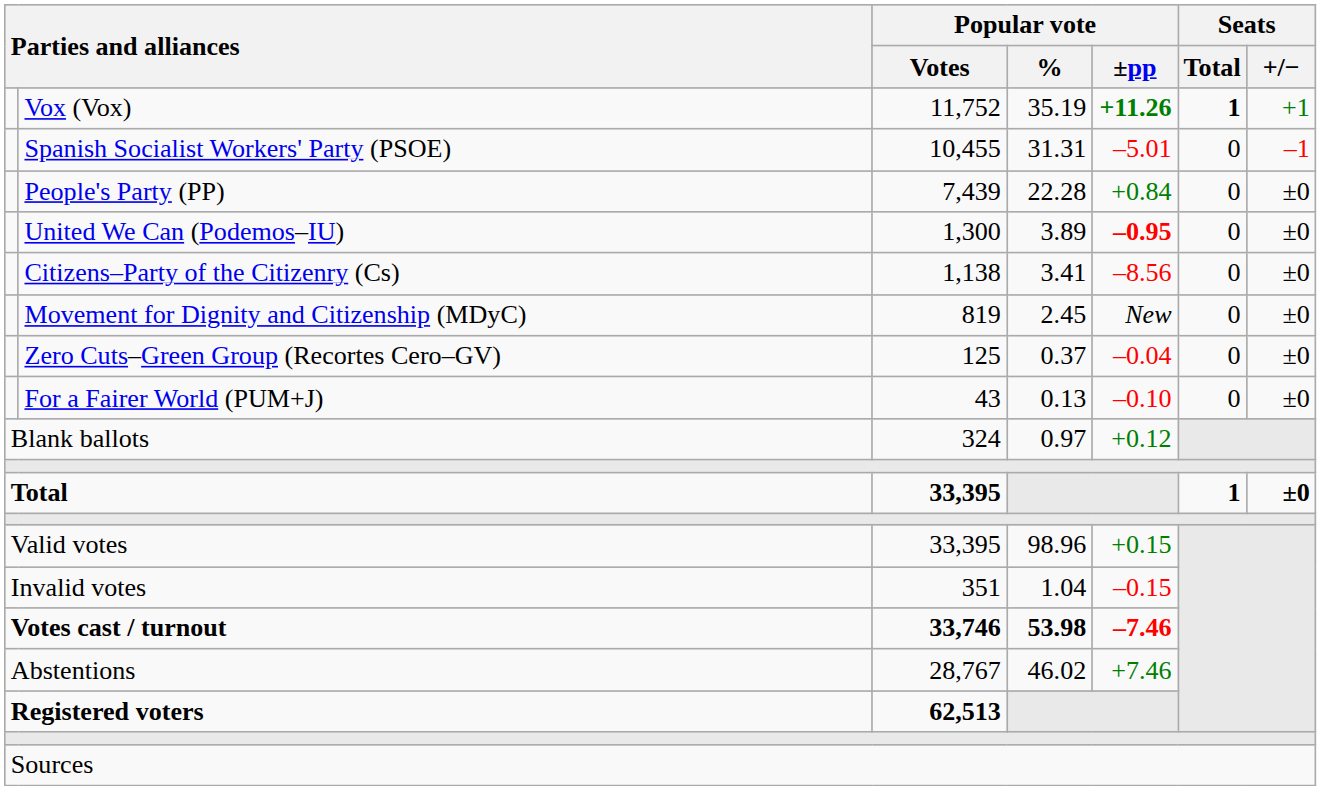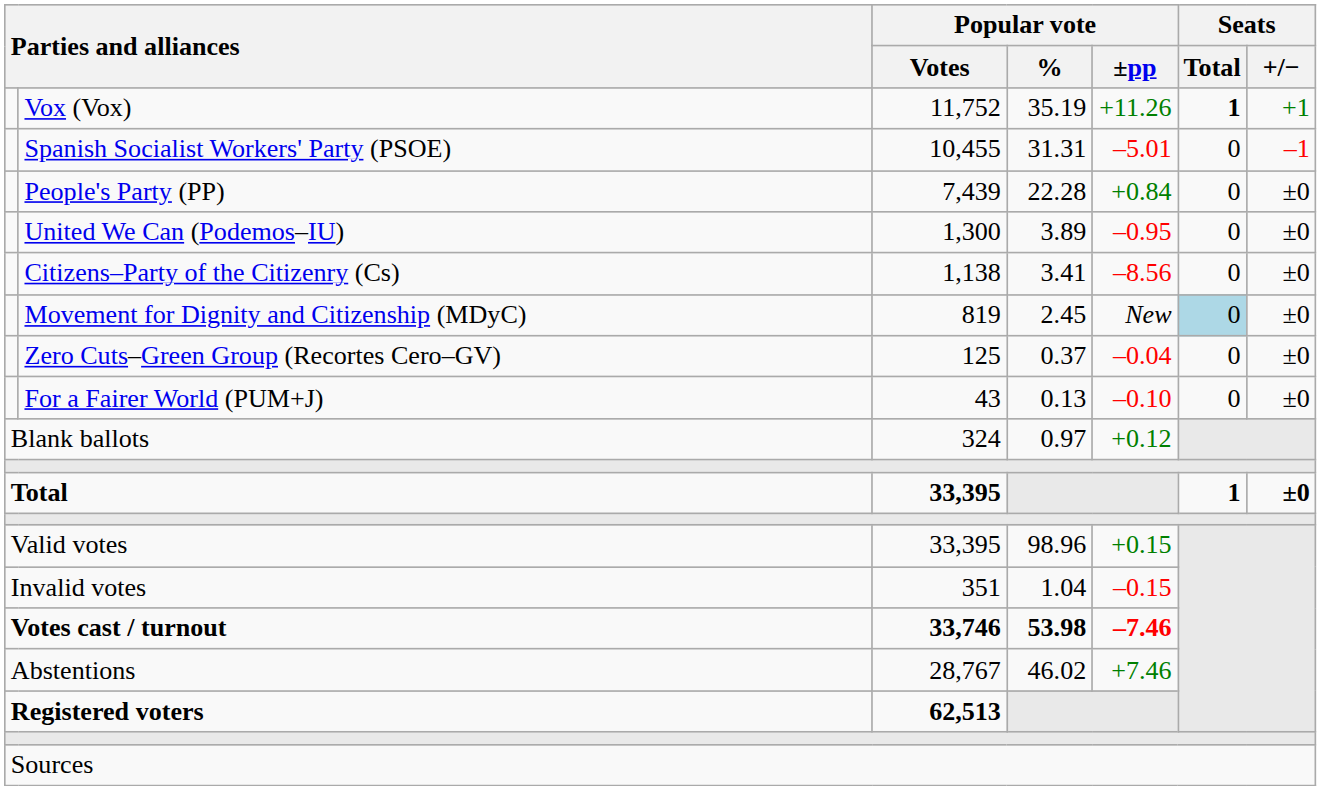 <table class="wikitable" style="text-align:right;">
 <tr>
 <th style="text-align:left;" rowspan="2" colspan="2" width="525">Parties and alliances</th>
 <th colspan="3">Popular vote</th>
 <th colspan="2">Seats</th>
 </tr>
 <tr>
 <th width="75">Votes</th>
 <th width="45">%</th>
 <th width="45">±<a href='#'>pp</a></th>
 <th width="35">Total</th>
 <th width="35">+/−</th>
 </tr>
 <tr>
 <td width="1" style="color:inherit;background:"></td>
 <td align="left"><a href='#'>Vox</a> (Vox)</td>
 <td>11,752</td>
 <td>35.19</td>
-<td style="color:green;"><strong>+11.26</strong></td>
+<td style="color:green;">+11.26</td>
 <td><strong>1</strong></td>
 <td style="color:green;">+1</td>
 </tr>
 <tr>
 <td style="color:inherit;background:"></td>
 <td align="left"><a href='#'>Spanish Socialist Workers' Party</a> (PSOE)</td>
 <td>10,455</td>
 <td>31.31</td>
 <td style="color:red;">–5.01</td>
 <td>0</td>
 <td style="color:red;">–1</td>
 </tr>
 <tr>
 <td style="color:inherit;background:"></td>
 <td align="left"><a href='#'>People's Party</a> (PP)</td>
 <td>7,439</td>
 <td>22.28</td>
 <td style="color:green;">+0.84</td>
 <td>0</td>
 <td>±0</td>
 </tr>
 <tr>
 <td style="color:inherit;background:"></td>
 <td align="left"><a href='#'>United We Can</a> (<a href='#'>Podemos</a>–<a href='#'>IU</a>)</td>
 <td>1,300</td>
 <td>3.89</td>
-<td style="color:red;"><strong>–0.95</strong></td>
+<td style="color:red;">–0.95</td>
 <td>0</td>
 <td>±0</td>
 </tr>
 <tr>
 <td style="color:inherit;background:"></td>
 <td align="left"><a href='#'>Citizens–Party of the Citizenry</a> (Cs)</td>
 <td>1,138</td>
 <td>3.41</td>
 <td style="color:red;">–8.56</td>
 <td>0</td>
 <td>±0</td>
 </tr>
 <tr>
 <td style="color:inherit;background:"></td>
 <td align="left"><a href='#'>Movement for Dignity and Citizenship</a> (MDyC)</td>
 <td>819</td>
 <td>2.45</td>
 <td><em>New</em></td>
-<td>0</td>
+<td style="background: lightblue;">0</td>
 <td>±0</td>
 </tr>
 <tr>
 <td style="color:inherit;background:"></td>
 <td align="left"><a href='#'>Zero Cuts</a>–<a href='#'>Green Group</a> (Recortes Cero–GV)</td>
 <td>125</td>
 <td>0.37</td>
 <td style="color:red;">–0.04</td>
 <td>0</td>
 <td>±0</td>
 </tr>
 <tr>
 <td style="color:inherit;background:"></td>
 <td align="left"><a href='#'>For a Fairer World</a> (PUM+J)</td>
 <td>43</td>
 <td>0.13</td>
 <td style="color:red;">–0.10</td>
 <td>0</td>
 <td>±0</td>
 </tr>
 <tr>
 <td align="left" colspan="2">Blank ballots</td>
 <td>324</td>
 <td>0.97</td>
 <td style="color:green;">+0.12</td>
 <td bgcolor="#E9E9E9" colspan="2"></td>
 </tr>
 <tr>
 <td colspan="7" bgcolor="#E9E9E9"></td>
 </tr>
 <tr style="font-weight:bold;">
 <td align="left" colspan="2">Total</td>
 <td>33,395</td>
 <td bgcolor="#E9E9E9" colspan="2"></td>
 <td>1</td>
 <td>±0</td>
 </tr>
 <tr>
 <td colspan="7" bgcolor="#E9E9E9"></td>
 </tr>
 <tr>
 <td align="left" colspan="2">Valid votes</td>
 <td>33,395</td>
 <td>98.96</td>
 <td style="color:green;">+0.15</td>
 <td bgcolor="#E9E9E9" colspan="2" rowspan="5"></td>
 </tr>
 <tr>
 <td align="left" colspan="2">Invalid votes</td>
 <td>351</td>
 <td>1.04</td>
 <td style="color:red;">–0.15</td>
 </tr>
 <tr style="font-weight:bold;">
 <td align="left" colspan="2">Votes cast / turnout</td>
 <td>33,746</td>
 <td>53.98</td>
 <td style="color:red;">–7.46</td>
 </tr>
 <tr>
 <td align="left" colspan="2">Abstentions</td>
 <td>28,767</td>
 <td>46.02</td>
 <td style="color:green;">+7.46</td>
 </tr>
 <tr style="font-weight:bold;">
 <td align="left" colspan="2">Registered voters</td>
 <td>62,513</td>
 <td bgcolor="#E9E9E9" colspan="2"></td>
 </tr>
 <tr>
 <td colspan="7" bgcolor="#E9E9E9"></td>
 </tr>
 <tr>
 <td align="left" colspan="7">Sources</td>
 </tr>
 </table>
